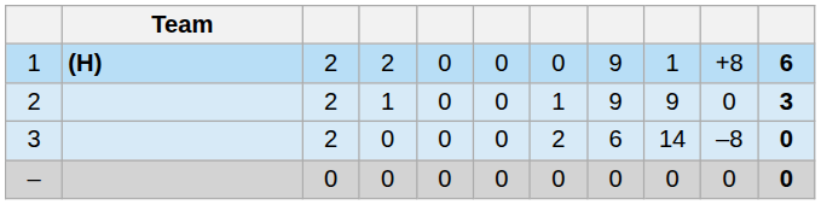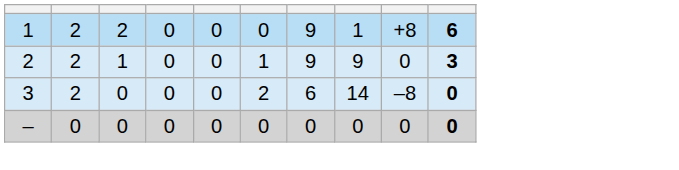 <table class="wikitable" style="text-align: center; font-size: 100%;">
 <tr>
 <th width="30"></th>
-<th width="150">Team</th>
 <th width="30"></th>
 <th width="30"></th>
 <th width="30"></th>
 <th width="30"></th>
 <th width="30"></th>
 <th width="30"></th>
 <th width="30"></th>
 <th width="30"></th>
 <th width="30"></th>
 </tr>
 <tr style="background-color: #b8def6;">
 <td>1</td>
-<td align=left> <strong>(H)</strong></td>
 <td>2</td>
 <td>2</td>
 <td>0</td>
 <td>0</td>
 <td>0</td>
 <td>9</td>
 <td>1</td>
 <td>+8</td>
 <td><strong>6</strong></td>
 </tr>
 <tr style="background-color: #d7eaf7;">
 <td>2</td>
-<td align=left></td>
 <td>2</td>
 <td>1</td>
 <td>0</td>
 <td>0</td>
 <td>1</td>
 <td>9</td>
 <td>9</td>
 <td>0</td>
 <td><strong>3</strong></td>
 </tr>
 <tr style="background-color: #d7eaf7;">
 <td>3</td>
-<td align=left></td>
 <td>2</td>
 <td>0</td>
 <td>0</td>
 <td>0</td>
 <td>2</td>
 <td>6</td>
 <td>14</td>
 <td>–8</td>
 <td><strong>0</strong></td>
 </tr>
 <tr style="background-color: lightgray;">
 <td>–</td>
-<td align=left></td>
 <td>0</td>
 <td>0</td>
 <td>0</td>
 <td>0</td>
 <td>0</td>
 <td>0</td>
 <td>0</td>
 <td>0</td>
 <td><strong>0</strong></td>
 </tr>
 </table>
